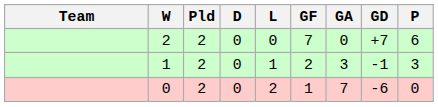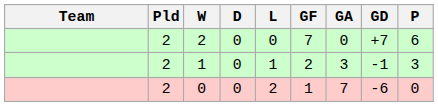 <table class="wikitable">
 <tr>
 <th width=120>Team</th>
+<th width=25>Pld</th>
 <th width=25>W</th>
-<th width=25>Pld</th>
 <th width=25>D</th>
 <th width=25>L</th>
 <th width=25>GF</th>
 <th width=25>GA</th>
 <th width=25>GD</th>
 <th width=25>P</th>
 </tr>
 <tr align=center bgcolor=#ccffcc>
 <td align=left></td>
 <td>2</td>
 <td>2</td>
 <td>0</td>
 <td>0</td>
 <td>7</td>
 <td>0</td>
 <td>+7</td>
 <td>6</td>
 </tr>
 <tr align=center bgcolor=#ccffcc>
 <td align=left></td>
+<td>2</td>
 <td>1</td>
-<td>2</td>
 <td>0</td>
 <td>1</td>
 <td>2</td>
 <td>3</td>
 <td>-1</td>
 <td>3</td>
 </tr>
 <tr align=center bgcolor=#ffcccc>
 <td align=left></td>
+<td>2</td>
 <td>0</td>
-<td>2</td>
 <td>0</td>
 <td>2</td>
 <td>1</td>
 <td>7</td>
 <td>-6</td>
 <td>0</td>
 </tr>
 </table>
